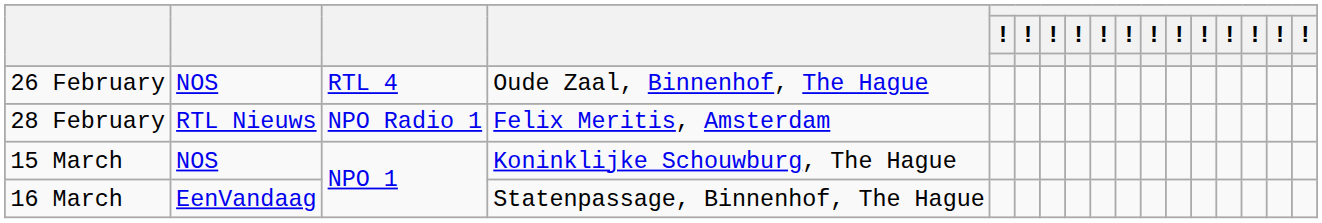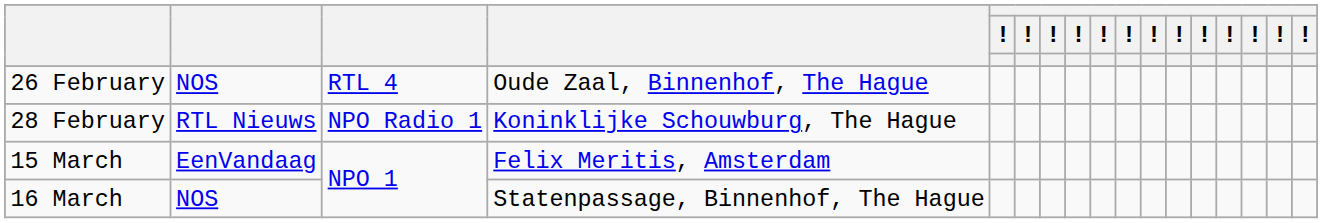 <table class="wikitable">
 <tr>
 <th rowspan="3"></th>
 <th rowspan="3"></th>
 <th rowspan="3"></th>
 <th rowspan="3"></th>
 <th colspan="13">      </th>
 </tr>
 <tr>
 <th>!</th>
 <th>!</th>
 <th>!</th>
 <th>!</th>
 <th>!</th>
 <th>!</th>
 <th>!</th>
 <th>!</th>
 <th>!</th>
 <th>!</th>
 <th>!</th>
 <th>!</th>
 <th>!</th>
 </tr>
 <tr>
 <th style="background:"></th>
 <th style="background:"></th>
 <th style="background:"></th>
 <th style="background:"></th>
 <th style="background:"></th>
 <th style="background:"></th>
 <th style="background:"></th>
 <th style="background:"></th>
 <th style="background:"></th>
 <th style="background:"></th>
 <th style="background:"></th>
 <th style="background:"></th>
 <th style="background:"></th>
 </tr>
 <tr>
 <td>26 February</td>
 <td><a href='#'>NOS</a></td>
 <td><a href='#'>RTL 4</a></td>
 <td>Oude Zaal, <a href='#'>Binnenhof</a>, <a href='#'>The Hague</a></td>
 <td></td>
 <td></td>
 <td></td>
 <td></td>
 <td></td>
 <td></td>
 <td></td>
 <td></td>
 <td></td>
 <td></td>
 <td></td>
 <td></td>
 <td></td>
 </tr>
 <tr>
 <td>28 February</td>
 <td><a href='#'>RTL Nieuws</a></td>
 <td><a href='#'>NPO Radio 1</a></td>
+<td><a href='#'>Koninklijke Schouwburg</a>, The Hague</td>
+<td></td>
+<td></td>
+<td></td>
+<td></td>
+<td></td>
+<td></td>
+<td></td>
+<td></td>
+<td></td>
+<td></td>
+<td></td>
+<td></td>
+<td></td>
+</tr>
+<tr>
+<td>15 March</td>
+<td><a href='#'>EenVandaag</a></td>
+<td rowspan="2"><a href='#'>NPO 1</a></td>
 <td><a href='#'>Felix Meritis</a>, <a href='#'>Amsterdam</a></td>
 <td></td>
 <td></td>
 <td></td>
 <td></td>
 <td></td>
 <td></td>
 <td></td>
 <td></td>
 <td></td>
 <td></td>
 <td></td>
 <td></td>
 <td></td>
 </tr>
 <tr>
-<td>15 March</td>
+<td>16 March</td>
 <td><a href='#'>NOS</a></td>
-<td rowspan="2"><a href='#'>NPO 1</a></td>
-<td><a href='#'>Koninklijke Schouwburg</a>, The Hague</td>
-<td></td>
-<td></td>
-<td></td>
-<td></td>
-<td></td>
-<td></td>
-<td></td>
-<td></td>
-<td></td>
-<td></td>
-<td></td>
-<td></td>
-<td></td>
-</tr>
-<tr>
-<td>16 March</td>
-<td><a href='#'>EenVandaag</a></td>
 <td>Statenpassage, Binnenhof, The Hague</td>
 <td></td>
 <td></td>
 <td></td>
 <td></td>
 <td></td>
 <td></td>
 <td></td>
 <td></td>
 <td></td>
 <td></td>
 <td></td>
 <td></td>
 <td></td>
 </tr>
 </table>
